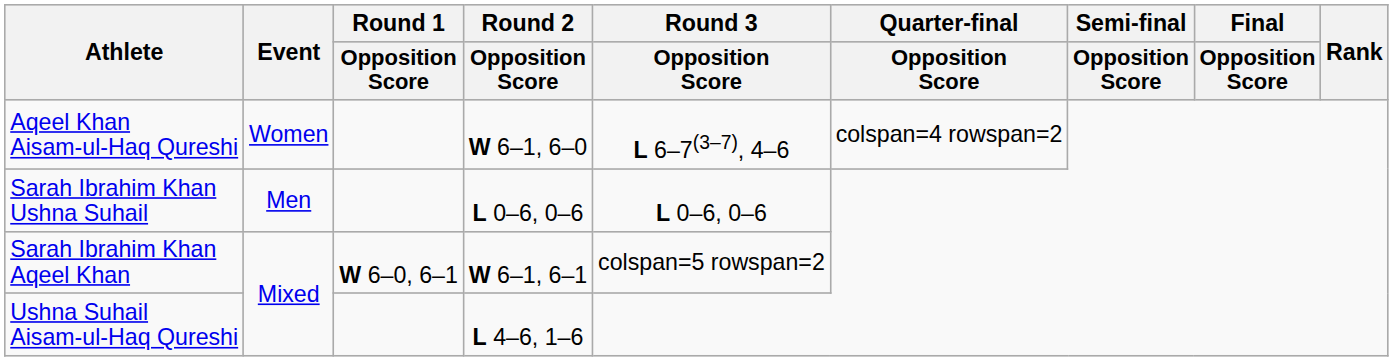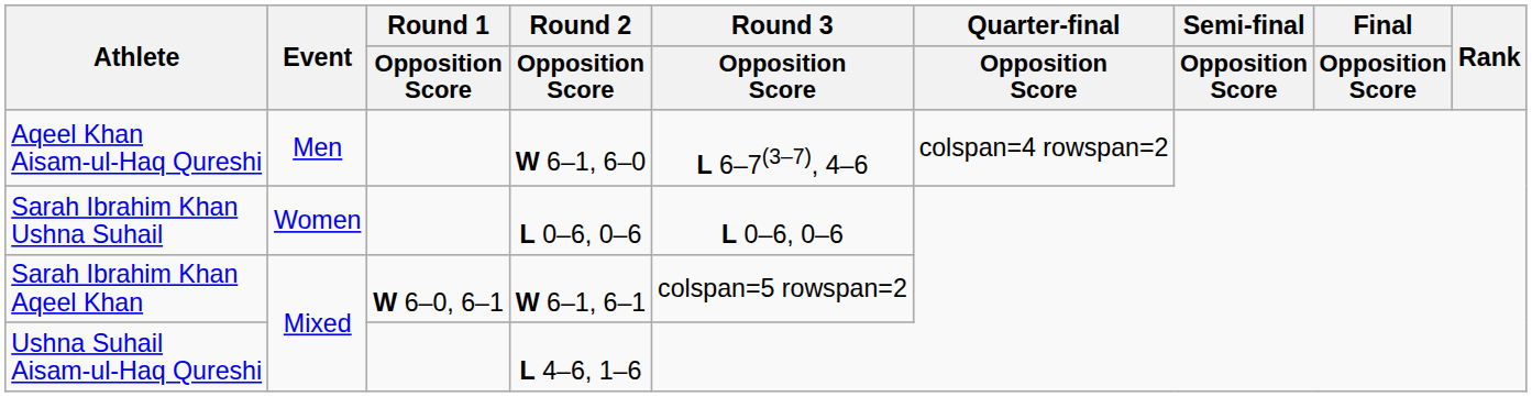 <table class=wikitable style="text-align:center; font-size:90%">
 <tr>
 <th rowspan="2">Athlete</th>
 <th rowspan="2">Event</th>
 <th>Round 1</th>
 <th>Round 2</th>
 <th>Round 3</th>
 <th>Quarter-final</th>
 <th>Semi-final</th>
 <th>Final</th>
 <th rowspan="2">Rank</th>
 </tr>
 <tr style="font-size:95%">
 <th>Opposition<br>Score</th>
 <th>Opposition<br>Score</th>
 <th>Opposition<br>Score</th>
 <th>Opposition<br>Score</th>
 <th>Opposition<br>Score</th>
 <th>Opposition<br>Score</th>
 </tr>
 <tr>
 <td style="text-align:left"><a href='#'>Aqeel Khan</a><br><a href='#'>Aisam-ul-Haq Qureshi</a></td>
-<td><a href='#'>Women</a></td>
+<td><a href='#'>Men</a></td>
 <td></td>
 <td><br><strong>W</strong> 6–1, 6–0</td>
 <td><br><strong>L</strong> 6–7<sup>(3–7)</sup>, 4–6</td>
 <td>colspan=4 rowspan=2</td>
 </tr>
 <tr>
 <td style="text-align:left"><a href='#'>Sarah Ibrahim Khan</a><br><a href='#'>Ushna Suhail</a></td>
-<td><a href='#'>Men</a></td>
+<td><a href='#'>Women</a></td>
 <td></td>
 <td><br><strong>L</strong>  0–6, 0–6</td>
 <td><br><strong>L</strong>  0–6, 0–6</td>
 </tr>
 <tr>
 <td style="text-align:left"><a href='#'>Sarah Ibrahim Khan</a><br><a href='#'>Aqeel Khan</a></td>
 <td rowspan="2"><a href='#'>Mixed</a></td>
 <td><br><strong>W</strong> 6–0, 6–1</td>
 <td><br><strong>W</strong> 6–1, 6–1</td>
 <td>colspan=5 rowspan=2</td>
 </tr>
 <tr>
 <td style="text-align:left"><a href='#'>Ushna Suhail</a><br><a href='#'>Aisam-ul-Haq Qureshi</a></td>
 <td></td>
 <td><br><strong>L</strong>  4–6, 1–6</td>
 </tr>
 </table>
